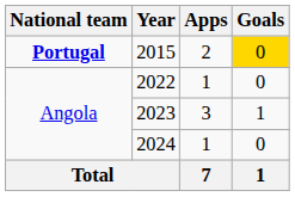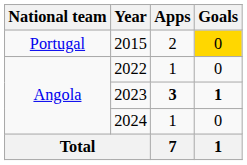 <table class=wikitable style="text-align: center;">
 <tr>
 <th>National team</th>
 <th>Year</th>
 <th>Apps</th>
 <th>Goals</th>
 </tr>
 <tr>
-<td rowspan=1><strong><a href='#'>Portugal</a></strong></td>
+<td rowspan=1><a href='#'>Portugal</a></td>
 <td>2015</td>
 <td>2</td>
 <td style="background: gold;">0</td>
 </tr>
 <tr>
 <td rowspan=3><a href='#'>Angola</a></td>
 <td>2022</td>
 <td>1</td>
 <td>0</td>
 </tr>
 <tr>
 <td>2023</td>
-<td>3</td>
-<td>1</td>
+<td><strong>3</strong></td>
+<td><strong>1</strong></td>
 </tr>
 <tr>
 <td>2024</td>
 <td>1</td>
 <td>0</td>
 </tr>
 <tr>
 <th colspan=2>Total</th>
 <th>7</th>
 <th>1</th>
 </tr>
 </table>
